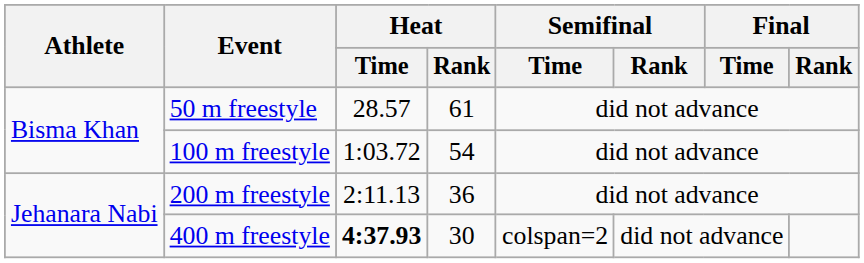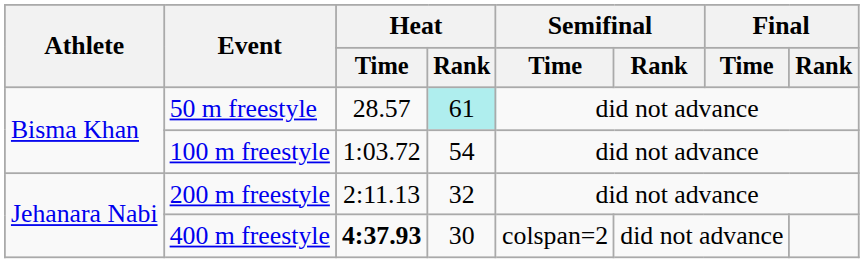 <table class="wikitable" style="text-align:center; font-size:90%">
 <tr>
 <th rowspan="2">Athlete</th>
 <th rowspan="2">Event</th>
 <th colspan="2">Heat</th>
 <th colspan="2">Semifinal</th>
 <th colspan="2">Final</th>
 </tr>
 <tr style="font-size:95%">
 <th>Time</th>
 <th>Rank</th>
 <th>Time</th>
 <th>Rank</th>
 <th>Time</th>
 <th>Rank</th>
 </tr>
 <tr>
 <td align=left rowspan=2><a href='#'>Bisma Khan</a></td>
 <td align=left><a href='#'>50 m freestyle</a></td>
 <td>28.57</td>
-<td>61</td>
+<td style="background: paleturquoise;">61</td>
 <td colspan=4>did not advance</td>
 </tr>
 <tr>
 <td align=left><a href='#'>100 m freestyle</a></td>
 <td>1:03.72</td>
 <td>54</td>
 <td colspan=4>did not advance</td>
 </tr>
 <tr>
 <td align=left rowspan=2><a href='#'>Jehanara Nabi</a></td>
 <td align=left><a href='#'>200 m freestyle</a></td>
 <td>2:11.13</td>
-<td>36</td>
+<td>32</td>
 <td colspan=4>did not advance</td>
 </tr>
 <tr>
 <td align=left><a href='#'>400 m freestyle</a></td>
 <td><strong>4:37.93</strong></td>
 <td>30</td>
 <td>colspan=2 </td>
 <td colspan=2>did not advance</td>
 </tr>
 </table>
